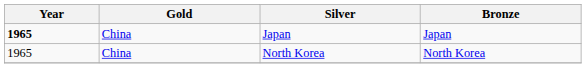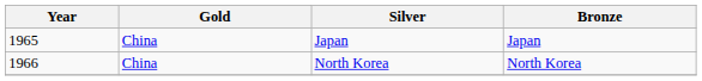 <table class="wikitable" style="text-align: left; width: 750px;">
 <tr>
 <th width="100">Year</th>
 <th width="175">Gold</th>
 <th width="175">Silver</th>
 <th width="175">Bronze</th>
 </tr>
 <tr>
-<td><strong>1965</strong></td>
+<td>1965</td>
 <td> <a href='#'>China</a></td>
 <td> <a href='#'>Japan</a></td>
 <td> <a href='#'>Japan</a></td>
 </tr>
 <tr>
-<td>1965</td>
+<td>1966</td>
 <td> <a href='#'>China</a></td>
 <td> <a href='#'>North Korea</a></td>
 <td> <a href='#'>North Korea</a></td>
 </tr>
 <tr>
 </tr>
 </table>
